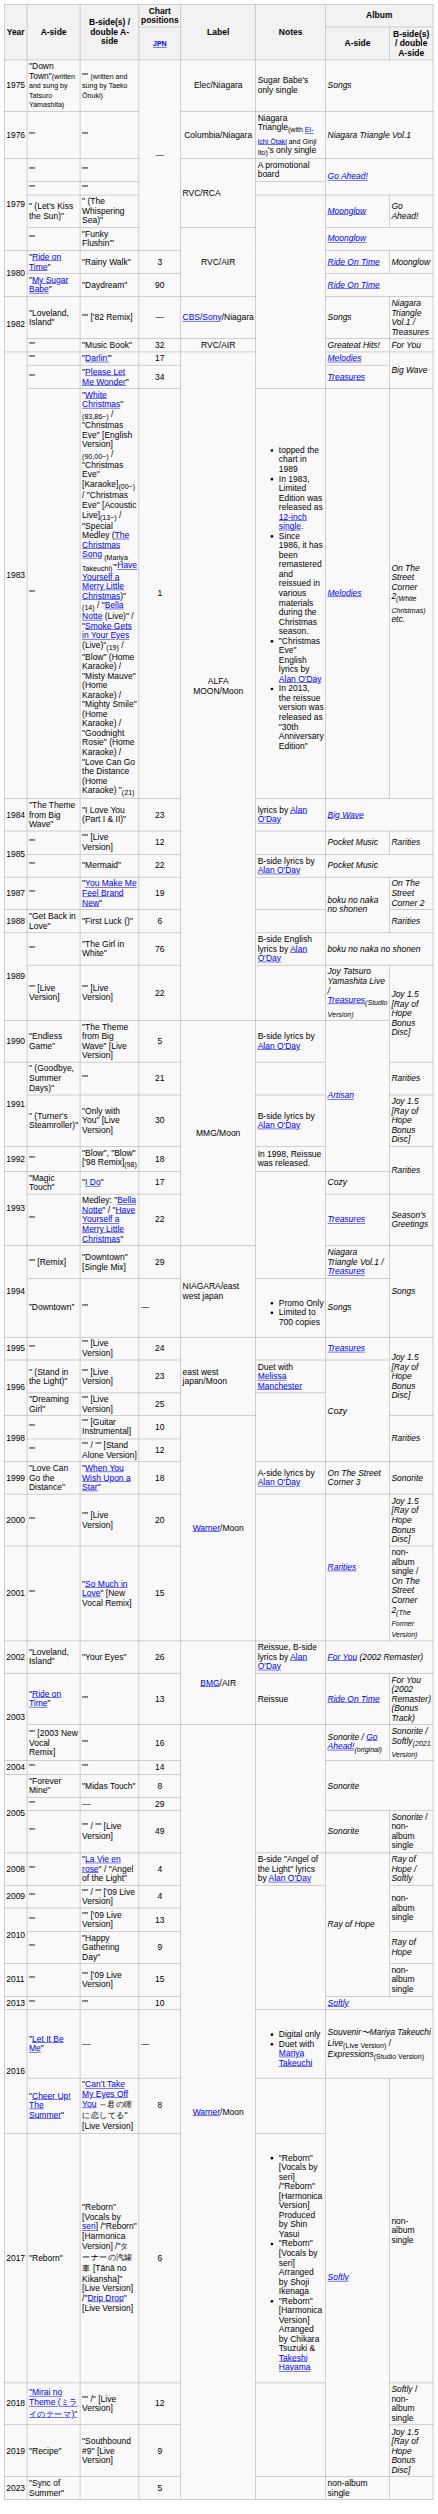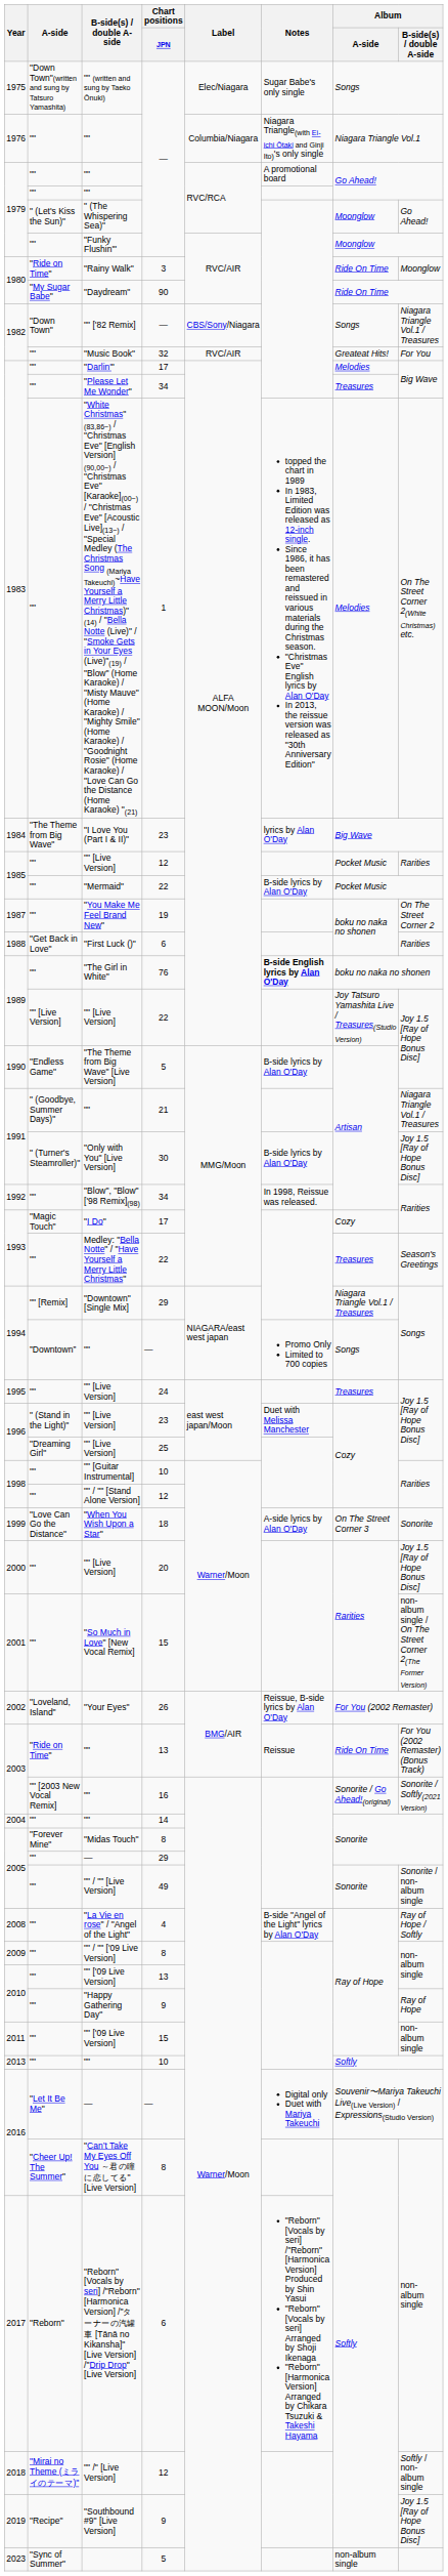 <table class="wikitable">
 <tr>
 <th rowspan="2">Year</th>
 <th rowspan="2">A-side</th>
 <th rowspan="2">B-side(s) / double A-side<br></th>
 <th>Chart positions</th>
 <th rowspan="2">Label</th>
 <th rowspan="2">Notes</th>
 <th colspan="2">Album</th>
 </tr>
 <tr>
 <th><small><a href='#'>JPN</a></small><br></th>
 <th>A-side</th>
 <th>B-side(s) / double A-side</th>
 </tr>
 <tr>
 <td>1975</td>
 <td>"Down Town"<small>(written and sung by Tatsuro Yamashita)</small></td>
 <td>"" <small>(written and sung by Taeko Ōnuki)</small></td>
 <td rowspan="6" align="center">—</td>
 <td align="center">Elec/Niagara</td>
 <td>Sugar Babe's only single</td>
 <td colspan="2"><em>Songs</em></td>
 </tr>
 <tr>
 <td>1976</td>
 <td>""</td>
 <td>""</td>
 <td align="center">Columbia/Niagara</td>
 <td>Niagara Triangle<sub>(with <a href='#'>Ei-ichi Ōtaki</a> and Ginji Ito)</sub>'s only single</td>
 <td colspan="2"><em>Niagara Triangle Vol.1</em></td>
 </tr>
 <tr>
 <td rowspan="4">1979</td>
 <td>""</td>
 <td>""</td>
 <td rowspan="3">RVC/RCA</td>
 <td>A promotional board</td>
 <td colspan="2" rowspan="2"><em><a href='#'>Go Ahead!</a></em></td>
 </tr>
 <tr>
 <td>""</td>
 <td>""</td>
 <td></td>
 </tr>
 <tr>
 <td>" (Let's Kiss the Sun)"</td>
 <td>" (The Whispering Sea)"</td>
 <td rowspan="8"></td>
 <td><em><a href='#'>Moonglow</a></em></td>
 <td><em>Go Ahead!</em></td>
 </tr>
 <tr>
 <td>""</td>
 <td>"Funky Flushin'"</td>
 <td align="center" rowspan="3">RVC/AIR</td>
 <td colspan="2"><em><a href='#'>Moonglow</a></em></td>
 </tr>
 <tr>
 <td rowspan="2">1980</td>
 <td>"<a href='#'>Ride on Time</a>"</td>
 <td>"Rainy Walk"</td>
 <td align="center">3</td>
 <td><em><a href='#'>Ride On Time</a></em></td>
 <td><em>Moonglow</em></td>
 </tr>
 <tr>
 <td>"<a href='#'>My Sugar Babe</a>"</td>
 <td>"Daydream"</td>
 <td align="center">90</td>
 <td colspan="2"><em><a href='#'>Ride On Time</a></em></td>
 </tr>
 <tr>
 <td rowspan="2">1982</td>
-<td>"Loveland, Island"</td>
+<td>"Down Town"</td>
 <td>"" ['82 Remix]</td>
 <td align="center">—</td>
 <td align="center"><a href='#'>CBS/Sony</a>/Niagara</td>
 <td><em>Songs</em></td>
 <td><em>Niagara Triangle Vol.1 / Treasures</em></td>
 </tr>
 <tr>
 <td>""</td>
 <td>"Music Book"</td>
 <td align="center">32</td>
 <td align="center">RVC/AIR</td>
 <td><em>Greateat Hits!</em></td>
 <td><em>For You</em></td>
 </tr>
 <tr>
 <td rowspan="3">1983</td>
 <td>""</td>
 <td>"<a href='#'>Darlin'</a>"</td>
 <td align="center">17</td>
 <td rowspan="10" align="center">ALFA MOON/Moon</td>
 <td><em><a href='#'>Melodies</a></em></td>
 <td rowspan="2"><em>Big Wave</em></td>
 </tr>
 <tr>
 <td>""</td>
 <td>"<a href='#'>Please Let Me Wonder</a>"</td>
 <td align="center">34</td>
 <td><em><a href='#'>Treasures</a></em></td>
 </tr>
 <tr>
 <td>""</td>
 <td>"<a href='#'>White Christmas</a>"<sub>(83,86~)</sub> / "Christmas Eve" [English Version]<sub>(90,00~)</sub> / "Christmas Eve" [Karaoke]<sub>(00~)</sub> / "Christmas Eve" [Acoustic Live]<sub>(13~)</sub> / "Special Medley (<a href='#'>The Christmas Song</a> <sub>(Mariya Takeuchi)</sub>~<a href='#'>Have Yourself a Merry Little Christmas</a>)"<sub>(14)</sub> / "<a href='#'>Bella Notte</a> (Live)" / "<a href='#'>Smoke Gets in Your Eyes</a> (Live)"<sub>(19)</sub> / "Blow" (Home Karaoke) / "Misty Mauve" (Home Karaoke) / "Mighty Smile" (Home Karaoke) / "Goodnight Rosie" (Home Karaoke) / "Love Can Go the Distance (Home Karaoke) "<sub>(21)</sub></td>
 <td align="center">1</td>
 <td><br><ul><li>topped the chart in 1989</li><li>In 1983, Limited Edition was released as <a href='#'>12-inch single</a>.</li><li>Since 1986, it has been remastered and reissued in various materials during the Christmas season.</li><li>"Christmas Eve" English lyrics by <a href='#'>Alan O'Day</a></li><li>In 2013, the reissue version was released as "30th Anniversary Edition"</li></ul></td>
 <td><em><a href='#'>Melodies</a></em></td>
 <td><em>On The Street Corner 2<sub>(White Christmas)</sub> etc.</em></td>
 </tr>
 <tr>
 <td>1984</td>
 <td>"The Theme from Big Wave"</td>
 <td>"I Love You (Part I & II)"</td>
 <td align="center">23</td>
 <td>lyrics by <a href='#'>Alan O'Day</a></td>
 <td colspan="2"><em><a href='#'>Big Wave</a></em></td>
 </tr>
 <tr>
 <td rowspan="2">1985</td>
 <td>""</td>
 <td>"" [Live Version]</td>
 <td align="center">12</td>
 <td></td>
 <td><em>Pocket Music</em></td>
 <td><em>Rarities</em></td>
 </tr>
 <tr>
 <td>""</td>
 <td>"Mermaid"</td>
 <td align="center">22</td>
 <td>B-side lyrics by <a href='#'>Alan O'Day</a></td>
 <td colspan="2"><em>Pocket Music</em></td>
 </tr>
 <tr>
 <td>1987</td>
 <td>""</td>
 <td>"<a href='#'>You Make Me Feel Brand New</a>"</td>
 <td align="center">19</td>
 <td></td>
 <td rowspan="2"><em>boku no naka no shonen</em></td>
 <td><em>On The Street Corner 2</em></td>
 </tr>
 <tr>
 <td>1988</td>
 <td>"Get Back in Love"</td>
 <td>"First Luck ()"</td>
 <td align="center">6</td>
 <td></td>
 <td><em>Rarities</em></td>
 </tr>
 <tr>
 <td rowspan="2">1989</td>
 <td>""</td>
 <td>"The Girl in White"</td>
 <td align="center">76</td>
-<td>B-side English lyrics by <a href='#'>Alan O'Day</a></td>
+<td><strong>B-side English lyrics by <a href='#'>Alan O'Day</a></strong></td>
 <td colspan="2"><em>boku no naka no shonen</em></td>
 </tr>
 <tr>
 <td>"" [Live Version]</td>
 <td>"" [Live Version]</td>
 <td align="center">22</td>
 <td></td>
 <td><em>Joy Tatsuro Yamashita Live / <a href='#'>Treasures</a><sub>(Studio Version)</sub></em></td>
 <td rowspan="2"><em>Joy 1.5 [Ray of Hope Bonus Disc]</em></td>
 </tr>
 <tr>
 <td>1990</td>
 <td>"Endless Game"</td>
 <td>"The Theme from Big Wave" [Live Version]</td>
 <td align="center">5</td>
 <td rowspan="6" align="center">MMG/Moon</td>
 <td>B-side lyrics by <a href='#'>Alan O'Day</a></td>
 <td rowspan="4"><em><a href='#'>Artisan</a></em></td>
 </tr>
 <tr>
 <td rowspan="2">1991</td>
 <td>" (Goodbye, Summer Days)"</td>
 <td>""</td>
 <td align="center">21</td>
 <td></td>
-<td><em>Rarities</em></td>
+<td><em>Niagara Triangle Vol.1 / Treasures</em></td>
 </tr>
 <tr>
 <td>" (Turner's Steamroller)"</td>
 <td>"Only with You" [Live Version]</td>
 <td align="center">30</td>
 <td>B-side lyrics by <a href='#'>Alan O'Day</a></td>
 <td><em>Joy 1.5 [Ray of Hope Bonus Disc]</em></td>
 </tr>
 <tr>
 <td>1992</td>
 <td>""</td>
 <td>"Blow", "Blow" ['98 Remix]<sub>(98)</sub></td>
-<td align="center">18</td>
+<td align="center">34</td>
 <td>In 1998, Reissue was released.</td>
 <td rowspan="2"><em>Rarities</em></td>
 </tr>
 <tr>
 <td rowspan="2">1993</td>
 <td>"Magic Touch"</td>
 <td>"<a href='#'>I Do</a>"</td>
 <td align="center">17</td>
 <td rowspan="3"></td>
 <td><em>Cozy</em></td>
 </tr>
 <tr>
 <td>""</td>
 <td>Medley: "<a href='#'>Bella Notte</a>" / "<a href='#'>Have Yourself a Merry Little Christmas</a>"</td>
 <td align="center">22</td>
 <td><em><a href='#'>Treasures</a></em></td>
 <td><em>Season's Greetings</em></td>
 </tr>
 <tr>
 <td rowspan="2">1994</td>
 <td>"" [Remix]</td>
 <td>"Downtown" [Single Mix]</td>
 <td align="center">29</td>
 <td rowspan="2">NIAGARA/east west japan</td>
 <td><em>Niagara Triangle Vol.1 /</em> <em><a href='#'>Treasures</a></em></td>
 <td rowspan="2"><em>Songs</em></td>
 </tr>
 <tr>
 <td>”Downtown”</td>
 <td>""</td>
 <td>—</td>
 <td><br><ul><li>Promo Only</li><li>Limited to 700 copies</li></ul></td>
 <td><em>Songs</em></td>
 </tr>
 <tr>
 <td>1995</td>
 <td>""</td>
 <td>"" [Live Version]</td>
 <td align="center">24</td>
 <td rowspan="3">east west japan/Moon</td>
 <td></td>
 <td><em><a href='#'>Treasures</a></em></td>
 <td rowspan="3"><em>Joy 1.5 [Ray of Hope Bonus Disc]</em></td>
 </tr>
 <tr>
 <td rowspan="2">1996</td>
 <td>" (Stand in the Light)"</td>
 <td>"" [Live Version]</td>
 <td align="center">23</td>
 <td>Duet with <a href='#'>Melissa Manchester</a></td>
 <td rowspan="4"><em>Cozy</em></td>
 </tr>
 <tr>
 <td>"Dreaming Girl"</td>
 <td>"" [Live Version]</td>
 <td align="center">25</td>
 <td rowspan="3"></td>
 </tr>
 <tr>
 <td rowspan="2">1998</td>
 <td>""</td>
 <td>"" [Guitar Instrumental]</td>
 <td align="center">10</td>
 <td rowspan="5" align="center"><a href='#'>Warner</a>/Moon</td>
 <td rowspan="2"><em>Rarities</em></td>
 </tr>
 <tr>
 <td>""</td>
 <td>"" / "" [Stand Alone Version]</td>
 <td align="center">12</td>
 </tr>
 <tr>
 <td>1999</td>
 <td>"Love Can Go the Distance"</td>
 <td>"<a href='#'>When You Wish Upon a Star</a>"</td>
 <td align="center">18</td>
 <td>A-side lyrics by <a href='#'>Alan O'Day</a></td>
 <td><em>On The Street Corner 3</em></td>
 <td><em>Sonorite</em></td>
 </tr>
 <tr>
 <td>2000</td>
 <td>""</td>
 <td>"" [Live Version]</td>
 <td align="center">20</td>
 <td rowspan="2"></td>
 <td rowspan="2"><em><a href='#'>Rarities</a></em></td>
 <td><em>Joy 1.5 [Ray of Hope Bonus Disc]</em></td>
 </tr>
 <tr>
 <td>2001</td>
 <td>""</td>
 <td>"<a href='#'>So Much in Love</a>" [New Vocal Remix]</td>
 <td align="center">15</td>
 <td>non-album single / <em>On The Street Corner 2<sub>(The Former Version)</sub></em></td>
 </tr>
 <tr>
 <td>2002</td>
 <td>"Loveland, Island"</td>
 <td>"Your Eyes"</td>
 <td align="center">26</td>
 <td align="center" rowspan="2"><a href='#'>BMG</a>/AIR</td>
 <td>Reissue, B-side lyrics by <a href='#'>Alan O'Day</a></td>
 <td colspan="2"><em><a href='#'>For You</a> (2002 Remaster)</em></td>
 </tr>
 <tr>
 <td rowspan="2">2003</td>
 <td>"<a href='#'>Ride on Time</a>"</td>
 <td>""</td>
 <td align="center">13</td>
 <td>Reissue</td>
 <td><em><a href='#'>Ride On Time</a></em></td>
 <td><em>For You (2002 Remaster) (Bonus Track)</em></td>
 </tr>
 <tr>
 <td>"" [2003 New Vocal Remix]</td>
 <td>""</td>
 <td align="center">16</td>
 <td rowspan="17" align="center"><a href='#'>Warner</a>/Moon</td>
 <td rowspan="5"></td>
 <td><em>Sonorite / <a href='#'>Go Ahead!</a><sub>(original)</sub></em></td>
 <td><em>Sonorite / Softly<sub>(2021 Version)</sub></em></td>
 </tr>
 <tr>
 <td>2004</td>
 <td>""</td>
 <td>""</td>
 <td align="center">14</td>
 <td colspan="2" rowspan="3"><em>Sonorite</em></td>
 </tr>
 <tr>
 <td rowspan="3">2005</td>
 <td>"Forever Mine"</td>
 <td>"Midas Touch"</td>
 <td align="center">8</td>
 </tr>
 <tr>
 <td>""</td>
 <td>—</td>
 <td align="center">29</td>
 </tr>
 <tr>
 <td>""</td>
 <td>"" / "" [Live Version]</td>
 <td align="center">49</td>
 <td><em>Sonorite</em></td>
 <td><em>Sonorite</em> / non-album single</td>
 </tr>
 <tr>
 <td>2008</td>
 <td>""</td>
 <td>"<a href='#'>La Vie en rose</a>" / "Angel of the Light"</td>
 <td align="center">4</td>
 <td>B-side "Angel of the Light"  lyrics by <a href='#'>Alan O'Day</a></td>
 <td rowspan="5"><em>Ray of Hope</em></td>
 <td><em>Ray of Hope / Softly</em></td>
 </tr>
 <tr>
 <td>2009</td>
 <td>""</td>
 <td>"" / "" ['09 Live Version]</td>
-<td align="center">4</td>
+<td align="center">8</td>
 <td rowspan="5"></td>
 <td rowspan="2">non-album single</td>
 </tr>
 <tr>
 <td rowspan="2">2010</td>
 <td>""</td>
 <td>"" ['09 Live Version]</td>
 <td align="center">13</td>
 </tr>
 <tr>
 <td>""</td>
 <td>"Happy Gathering Day"</td>
 <td align="center">9</td>
 <td><em>Ray of Hope</em></td>
 </tr>
 <tr>
 <td>2011</td>
 <td>""</td>
 <td>"" ['09 Live Version]</td>
 <td align="center">15</td>
 <td>non-album single</td>
 </tr>
 <tr>
 <td>2013</td>
 <td>""</td>
 <td>""</td>
 <td align="center">10</td>
 <td colspan="2"><em><a href='#'>Softly</a></em></td>
 </tr>
 <tr>
 <td rowspan="2">2016</td>
 <td>"<a href='#'>Let It Be Me</a>"</td>
 <td>—</td>
 <td>—</td>
 <td><br><ul><li>Digital only</li><li>Duet with <a href='#'>Mariya Takeuchi</a></li></ul></td>
 <td colspan="2"><em>Souvenir〜Mariya Takeuchi Live</em><sub>(Live Version)</sub> / <em>Expressions</em><sub>(Studio Version)</sub></td>
 </tr>
 <tr>
 <td>"<a href='#'>Cheer Up! The Summer</a>"</td>
 <td>"<a href='#'>Can’t Take My Eyes Off You</a> ～君の瞳に恋してる" [Live Version]</td>
 <td align="center">8</td>
 <td></td>
 <td rowspan="4"><em><a href='#'>Softly</a></em></td>
 <td rowspan="2">non-album single</td>
 </tr>
 <tr>
 <td>2017</td>
 <td>"Reborn"</td>
 <td>"Reborn" [Vocals by <a href='#'>seri</a>] /"Reborn" [Harmonica Version] /"ターナーの汽罐車 [Tānā no Kikansha]" [Live Version] /"<a href='#'>Drip Drop</a>" [Live Version]</td>
 <td align="center">6</td>
 <td><br><ul><li>"Reborn" [Vocals by seri]  /"Reborn" [Harmonica Version] Produced by Shin Yasui</li><li>"Reborn" [Vocals by seri] Arranged by Shoji Ikenaga</li><li>"Reborn" [Harmonica Version] Arranged by Chikara Tsuzuki & <a href='#'>Takeshi Hayama</a></li></ul></td>
 </tr>
 <tr>
 <td>2018</td>
 <td><a href='#'>"Mirai no Theme (ミライのテーマ)"</a></td>
 <td>"" /" [Live Version]</td>
 <td align="center">12</td>
 <td rowspan="2"></td>
 <td><em>Softly</em> / non-album single</td>
 </tr>
 <tr>
 <td>2019</td>
 <td>"Recipe"</td>
 <td>"Southbound #9" [Live Version]</td>
 <td align="center">9</td>
 <td><em>Joy 1.5 [Ray of Hope Bonus Disc]</em></td>
 </tr>
 <tr>
 <td>2023</td>
 <td>"Sync of Summer"</td>
 <td></td>
 <td align="center">5</td>
 <td></td>
 <td>non-album single</td>
 </tr>
 </table>
